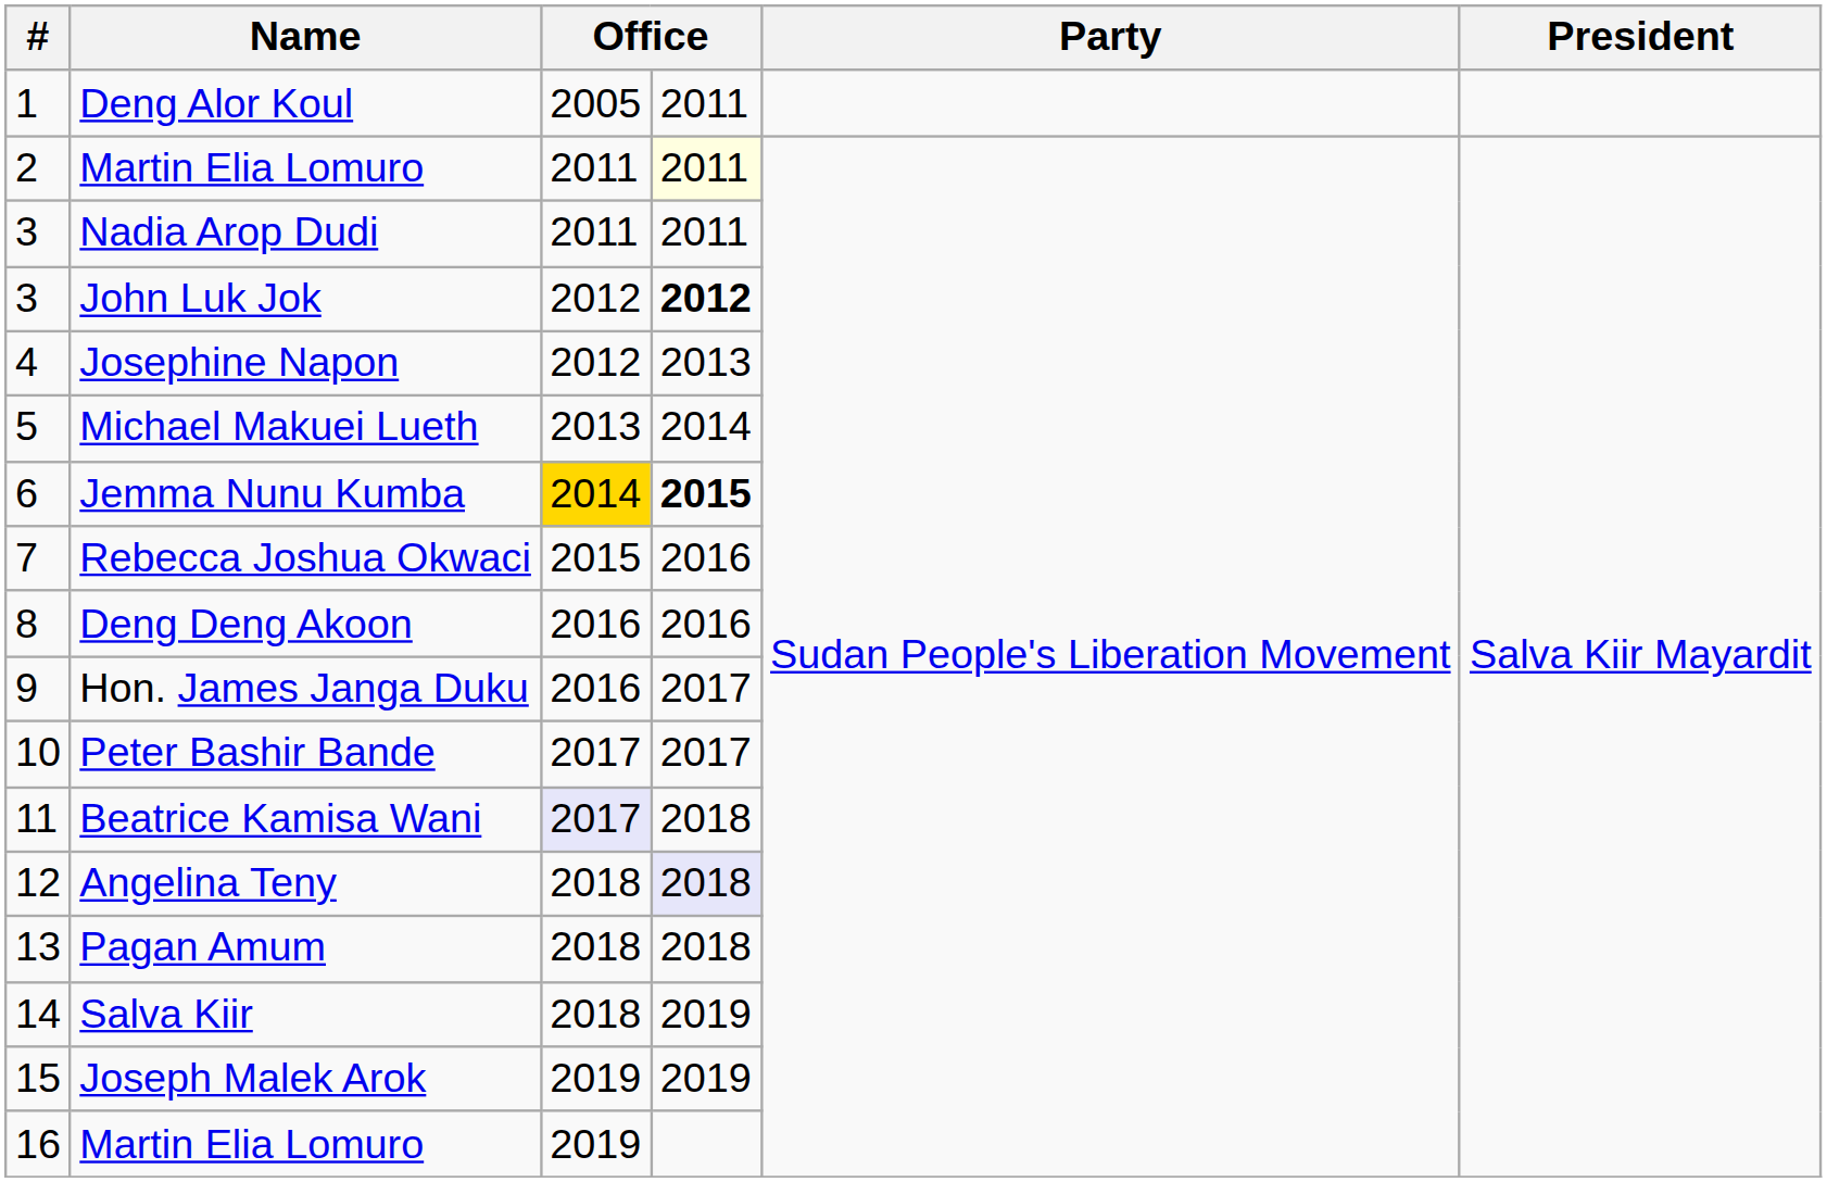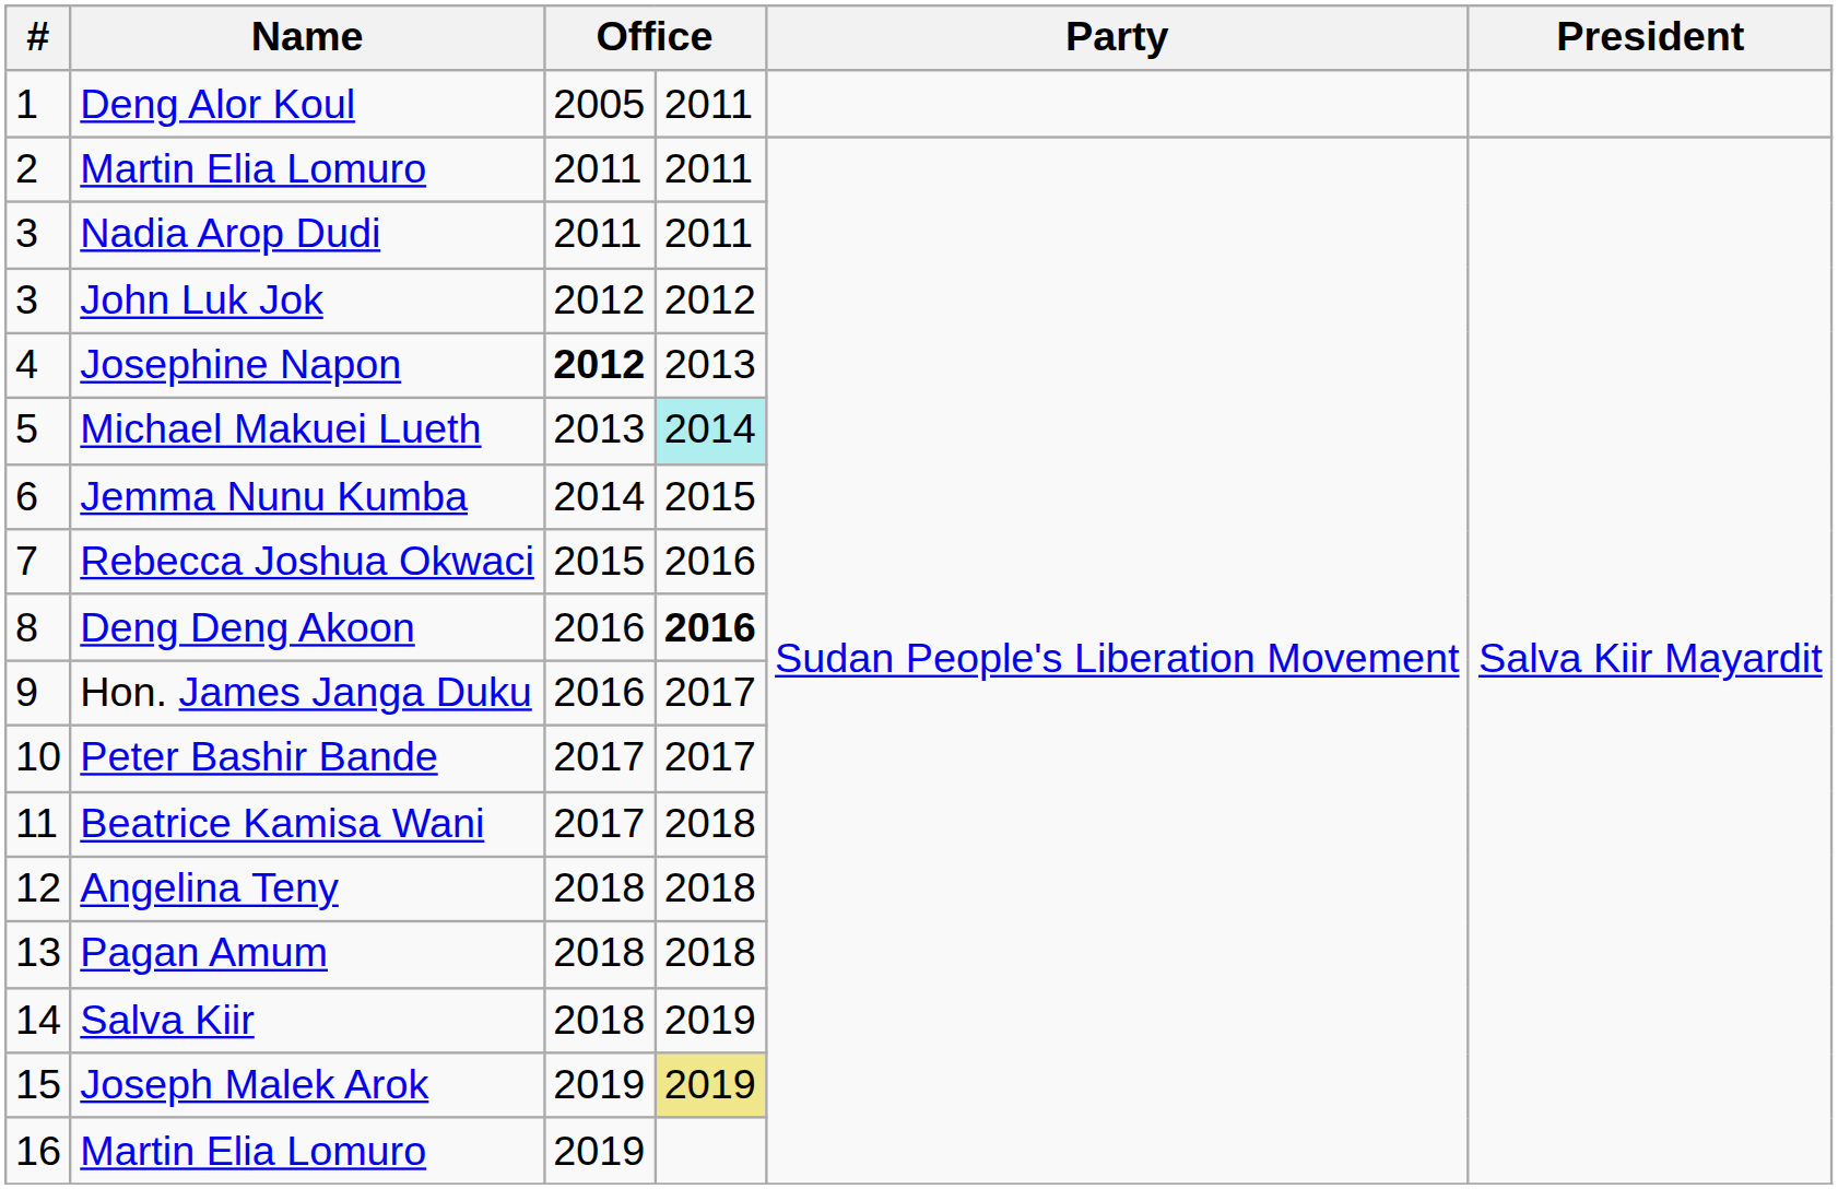 <table class="wikitable">
 <tr>
 <th>#</th>
 <th>Name</th>
 <th colspan="2">Office</th>
 <th>Party</th>
 <th>President</th>
 </tr>
 <tr>
 <td>1</td>
 <td><a href='#'>Deng Alor Koul</a></td>
 <td>2005</td>
 <td>2011</td>
 <td></td>
 <td></td>
 </tr>
 <tr>
 <td>2</td>
 <td><a href='#'>Martin Elia Lomuro</a></td>
 <td>2011</td>
-<td style="background: lightyellow;">2011</td>
+<td>2011</td>
 <td rowspan="16"><a href='#'>Sudan People's Liberation Movement</a></td>
 <td rowspan="16"><a href='#'>Salva Kiir Mayardit</a></td>
 </tr>
 <tr>
 <td>3</td>
 <td><a href='#'>Nadia Arop Dudi</a></td>
 <td>2011</td>
 <td>2011</td>
 </tr>
 <tr>
 <td>3</td>
 <td><a href='#'>John Luk Jok</a></td>
 <td>2012</td>
-<td><strong>2012</strong></td>
+<td>2012</td>
 </tr>
 <tr>
 <td>4</td>
 <td><a href='#'>Josephine Napon</a></td>
-<td>2012</td>
+<td><strong>2012</strong></td>
 <td>2013</td>
 </tr>
 <tr>
 <td>5</td>
 <td><a href='#'>Michael Makuei Lueth</a></td>
 <td>2013</td>
-<td>2014</td>
+<td style="background: paleturquoise;">2014</td>
 </tr>
 <tr>
 <td>6</td>
 <td><a href='#'>Jemma Nunu Kumba</a></td>
-<td style="background: gold;">2014</td>
-<td><strong>2015</strong></td>
+<td>2014</td>
+<td>2015</td>
 </tr>
 <tr>
 <td>7</td>
 <td><a href='#'>Rebecca Joshua Okwaci</a></td>
 <td>2015</td>
 <td>2016</td>
 </tr>
 <tr>
 <td>8</td>
 <td><a href='#'>Deng Deng Akoon</a></td>
 <td>2016</td>
-<td>2016</td>
+<td><strong>2016</strong></td>
 </tr>
 <tr>
 <td>9</td>
 <td>Hon. <a href='#'>James Janga Duku</a></td>
 <td>2016</td>
 <td>2017</td>
 </tr>
 <tr>
 <td>10</td>
 <td><a href='#'>Peter Bashir Bande</a></td>
 <td>2017</td>
 <td>2017</td>
 </tr>
 <tr>
 <td>11</td>
 <td><a href='#'>Beatrice Kamisa Wani</a></td>
-<td style="background: lavender;">2017</td>
+<td>2017</td>
 <td>2018</td>
 </tr>
 <tr>
 <td>12</td>
 <td><a href='#'>Angelina Teny</a></td>
 <td>2018</td>
-<td style="background: lavender;">2018</td>
+<td>2018</td>
 </tr>
 <tr>
 <td>13</td>
 <td><a href='#'>Pagan Amum</a></td>
 <td>2018</td>
 <td>2018</td>
 </tr>
 <tr>
 <td>14</td>
 <td><a href='#'>Salva Kiir</a></td>
 <td>2018</td>
 <td>2019</td>
 </tr>
 <tr>
 <td>15</td>
 <td><a href='#'>Joseph Malek Arok</a></td>
 <td>2019</td>
-<td>2019</td>
+<td style="background: khaki;">2019</td>
 </tr>
 <tr>
 <td>16</td>
 <td><a href='#'>Martin Elia Lomuro</a></td>
 <td>2019</td>
 <td></td>
 </tr>
 <tr>
 </tr>
 </table>
